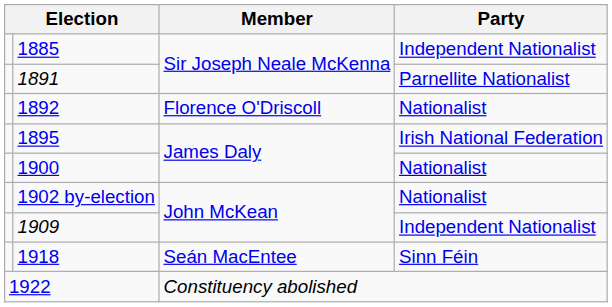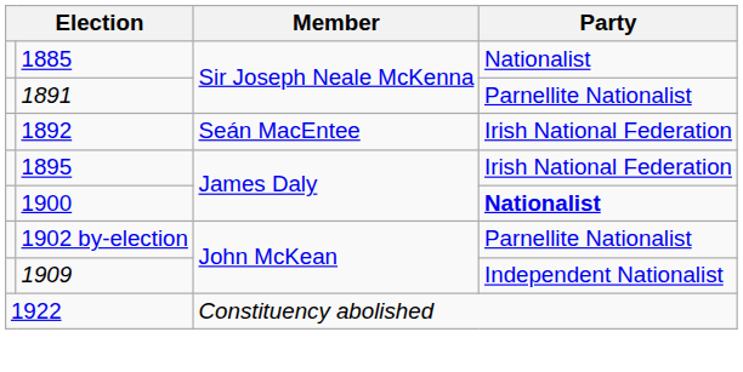 <table class="wikitable">
 <tr>
 <th colspan="2">Election</th>
 <th>Member</th>
 <th>Party</th>
 </tr>
 <tr>
 <td style="color:inherit;background-color: "></td>
 <td><a href='#'>1885</a></td>
 <td rowspan="2"><a href='#'>Sir Joseph Neale McKenna</a></td>
-<td><a href='#'>Independent Nationalist</a></td>
+<td><a href='#'>Nationalist</a></td>
 </tr>
 <tr>
 <td style="color:inherit;background-color: "></td>
 <td><em>1891</em></td>
 <td><a href='#'>Parnellite Nationalist</a></td>
 </tr>
 <tr>
 <td style="color:inherit;background-color: "></td>
 <td><a href='#'>1892</a></td>
-<td><a href='#'>Florence O'Driscoll</a></td>
-<td><a href='#'>Nationalist</a></td>
+<td><a href='#'>Seán MacEntee</a></td>
+<td><a href='#'>Irish National Federation</a></td>
 </tr>
 <tr>
 <td style="color:inherit;background-color: "></td>
 <td><a href='#'>1895</a></td>
 <td rowspan="2"><a href='#'>James Daly</a></td>
 <td><a href='#'>Irish National Federation</a></td>
 </tr>
 <tr>
 <td style="color:inherit;background-color:"></td>
 <td><a href='#'>1900</a></td>
-<td><a href='#'>Nationalist</a></td>
+<td><strong><a href='#'>Nationalist</a></strong></td>
 </tr>
 <tr>
 <td style="color:inherit;background-color: "></td>
 <td><a href='#'>1902 by-election</a></td>
 <td rowspan="2"><a href='#'>John McKean</a></td>
-<td><a href='#'>Nationalist</a></td>
+<td><a href='#'>Parnellite Nationalist</a></td>
 </tr>
 <tr>
 <td style="color:inherit;background-color: "></td>
 <td><em>1909</em></td>
 <td><a href='#'>Independent Nationalist</a></td>
 </tr>
 <tr>
-<td style="color:inherit;background-color: "></td>
-<td><a href='#'>1918</a></td>
-<td><a href='#'>Seán MacEntee</a></td>
-<td><a href='#'>Sinn Féin</a></td>
-</tr>
-<tr>
 <td colspan="2"><a href='#'>1922</a></td>
 <td colspan="2"><em>Constituency abolished</em></td>
 </tr>
 </table>
